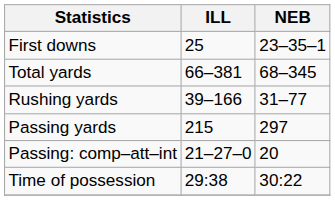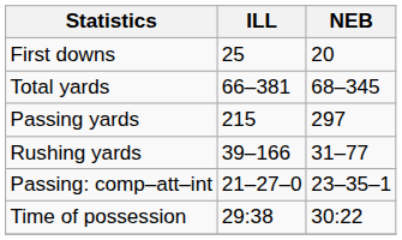 <table class="wikitable" style="float: left;">
 <tr>
 <th>Statistics</th>
 <th>ILL</th>
 <th>NEB</th>
 </tr>
 <tr>
 <td>First downs</td>
 <td>25</td>
-<td>23–35–1</td>
+<td>20</td>
 </tr>
 <tr>
 <td>Total yards</td>
 <td>66–381</td>
 <td>68–345</td>
 </tr>
 <tr>
+<td>Passing yards</td>
+<td>215</td>
+<td>297</td>
+</tr>
+<tr>
 <td>Rushing yards</td>
 <td>39–166</td>
 <td>31–77</td>
 </tr>
 <tr>
-<td>Passing yards</td>
-<td>215</td>
-<td>297</td>
-</tr>
-<tr>
 <td>Passing: comp–att–int</td>
 <td>21–27–0</td>
-<td>20</td>
+<td>23–35–1</td>
 </tr>
 <tr>
 <td>Time of possession</td>
 <td>29:38</td>
 <td>30:22</td>
 </tr>
 <tr>
 </tr>
 </table>
